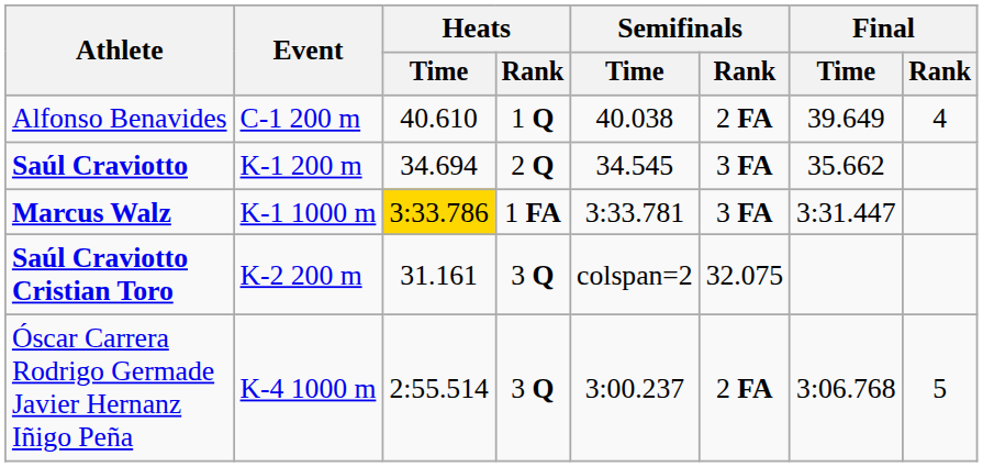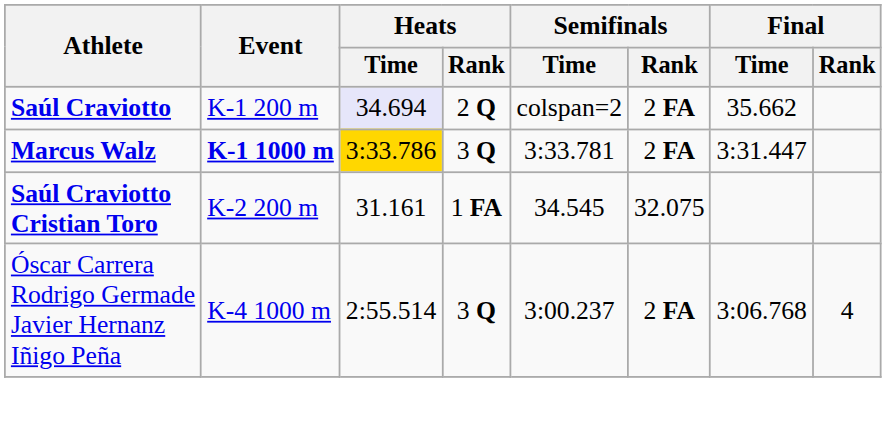 <table class=wikitable style="font-size:90%">
 <tr>
 <th rowspan="2">Athlete</th>
 <th rowspan="2">Event</th>
 <th colspan=2>Heats</th>
 <th colspan=2>Semifinals</th>
 <th colspan=2>Final</th>
 </tr>
 <tr style="font-size:95%">
 <th>Time</th>
 <th>Rank</th>
 <th>Time</th>
 <th>Rank</th>
 <th>Time</th>
 <th>Rank</th>
 </tr>
 <tr align=center>
-<td align=left><a href='#'>Alfonso Benavides</a></td>
-<td align=left><a href='#'>C-1 200 m</a></td>
-<td>40.610</td>
-<td>1 <strong>Q</strong></td>
-<td>40.038</td>
-<td>2 <strong>FA</strong></td>
-<td>39.649</td>
-<td>4</td>
-</tr>
-<tr align=center>
 <td align=left><strong><a href='#'>Saúl Craviotto</a></strong></td>
 <td align=left><a href='#'>K-1 200 m</a></td>
-<td>34.694</td>
+<td style="background: lavender;">34.694</td>
 <td>2 <strong>Q</strong></td>
-<td>34.545</td>
-<td>3 <strong>FA</strong></td>
+<td>colspan=2 </td>
+<td>2 <strong>FA</strong></td>
 <td>35.662</td>
 <td></td>
 </tr>
 <tr align=center>
 <td align=left><strong><a href='#'>Marcus Walz</a></strong></td>
-<td align=left><a href='#'>K-1 1000 m</a></td>
+<td align=left><strong><a href='#'>K-1 1000 m</a></strong></td>
 <td style="background: gold;">3:33.786</td>
-<td>1 <strong>FA</strong></td>
+<td>3 <strong>Q</strong></td>
 <td>3:33.781</td>
-<td>3 <strong>FA</strong></td>
+<td>2 <strong>FA</strong></td>
 <td>3:31.447</td>
 <td></td>
 </tr>
 <tr align=center>
 <td align=left><strong><a href='#'>Saúl Craviotto</a><br><a href='#'>Cristian Toro</a></strong></td>
 <td align=left><a href='#'>K-2 200 m</a></td>
 <td>31.161</td>
-<td>3 <strong>Q</strong></td>
-<td>colspan=2 </td>
+<td>1 <strong>FA</strong></td>
+<td>34.545</td>
 <td>32.075</td>
 <td></td>
 </tr>
 <tr align=center>
 <td align=left><a href='#'>Óscar Carrera</a><br><a href='#'>Rodrigo Germade</a><br> <a href='#'>Javier Hernanz</a><br><a href='#'>Iñigo Peña</a></td>
 <td align=left><a href='#'>K-4 1000 m</a></td>
 <td>2:55.514</td>
 <td>3 <strong>Q</strong></td>
 <td>3:00.237</td>
 <td>2 <strong>FA</strong></td>
 <td>3:06.768</td>
-<td>5</td>
+<td>4</td>
 </tr>
 </table>
